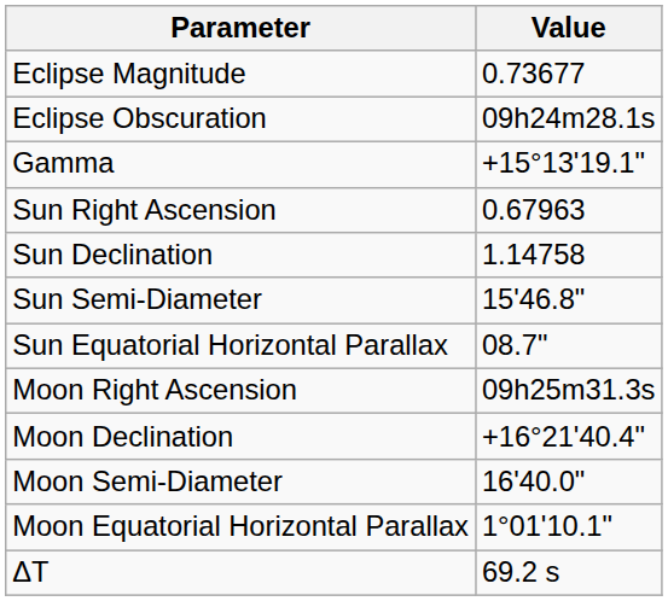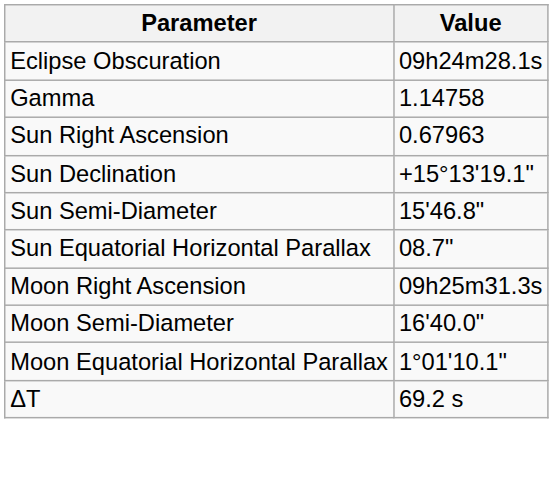 <table class="wikitable">
 <tr>
 <th>Parameter</th>
 <th>Value</th>
-</tr>
-<tr>
-<td>Eclipse Magnitude</td>
-<td>0.73677</td>
 </tr>
 <tr>
 <td>Eclipse Obscuration</td>
 <td>09h24m28.1s</td>
 </tr>
 <tr>
 <td>Gamma</td>
-<td>+15°13'19.1"</td>
+<td>1.14758</td>
 </tr>
 <tr>
 <td>Sun Right Ascension</td>
 <td>0.67963</td>
 </tr>
 <tr>
 <td>Sun Declination</td>
-<td>1.14758</td>
+<td>+15°13'19.1"</td>
 </tr>
 <tr>
 <td>Sun Semi-Diameter</td>
 <td>15'46.8"</td>
 </tr>
 <tr>
 <td>Sun Equatorial Horizontal Parallax</td>
 <td>08.7"</td>
 </tr>
 <tr>
 <td>Moon Right Ascension</td>
 <td>09h25m31.3s</td>
 </tr>
 <tr>
-<td>Moon Declination</td>
-<td>+16°21'40.4"</td>
-</tr>
-<tr>
 <td>Moon Semi-Diameter</td>
 <td>16'40.0"</td>
 </tr>
 <tr>
 <td>Moon Equatorial Horizontal Parallax</td>
 <td>1°01'10.1"</td>
 </tr>
 <tr>
 <td>ΔT</td>
 <td>69.2 s</td>
 </tr>
 </table>
